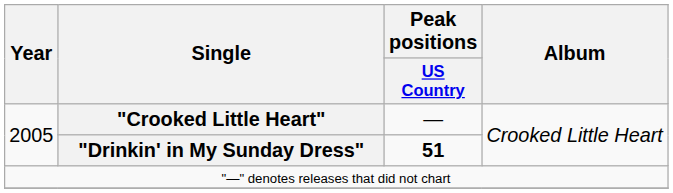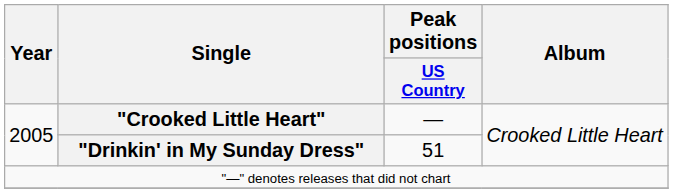 <table class="wikitable plainrowheaders" style="text-align:center;">
 <tr>
 <th rowspan="2">Year</th>
 <th rowspan="2" style="width:16em;">Single</th>
 <th colspan="1">Peak positions</th>
 <th rowspan="2">Album</th>
 </tr>
 <tr style="font-size:smaller;">
 <th width="65"><a href='#'>US Country</a></th>
 </tr>
 <tr>
 <td rowspan="2">2005</td>
 <th scope="row">"Crooked Little Heart"</th>
 <td>—</td>
 <td align="left" rowspan="2"><em>Crooked Little Heart</em></td>
 </tr>
 <tr>
 <th scope="row">"Drinkin' in My Sunday Dress"</th>
-<td><strong>51</strong></td>
+<td>51</td>
 </tr>
 <tr>
 <td colspan="4" style="font-size:8pt">"—" denotes releases that did not chart</td>
 </tr>
 <tr>
 </tr>
 </table>
